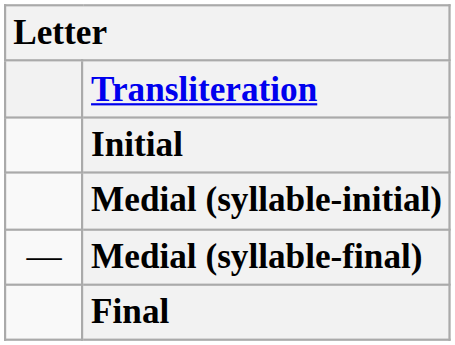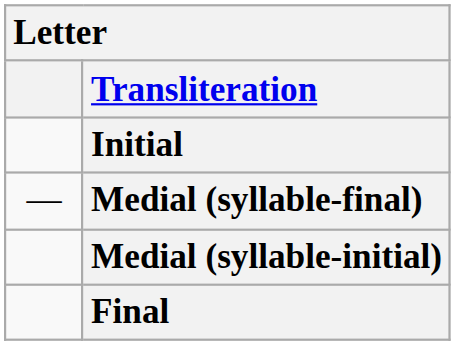 <table class="wikitable" style="text-align: center; display: inline-table;">
 <tr>
 <th colspan="2" style="text-align: left">Letter</th>
 </tr>
 <tr>
 <th style="min-width: 1.75em"></th>
 <th style="text-align: left"><a href='#'>Transliteration</a></th>
 </tr>
 <tr>
 <td></td>
 <th style="text-align: left">Initial</th>
 </tr>
 <tr>
+<td>—</td>
+<th style="text-align: left">Medial (syllable-final)</th>
+</tr>
+<tr>
 <td></td>
 <th style="text-align: left">Medial (syllable-initial)</th>
-</tr>
-<tr>
-<td>—</td>
-<th style="text-align: left">Medial (syllable-final)</th>
 </tr>
 <tr>
 <td></td>
 <th style="text-align: left">Final</th>
 </tr>
 </table>
